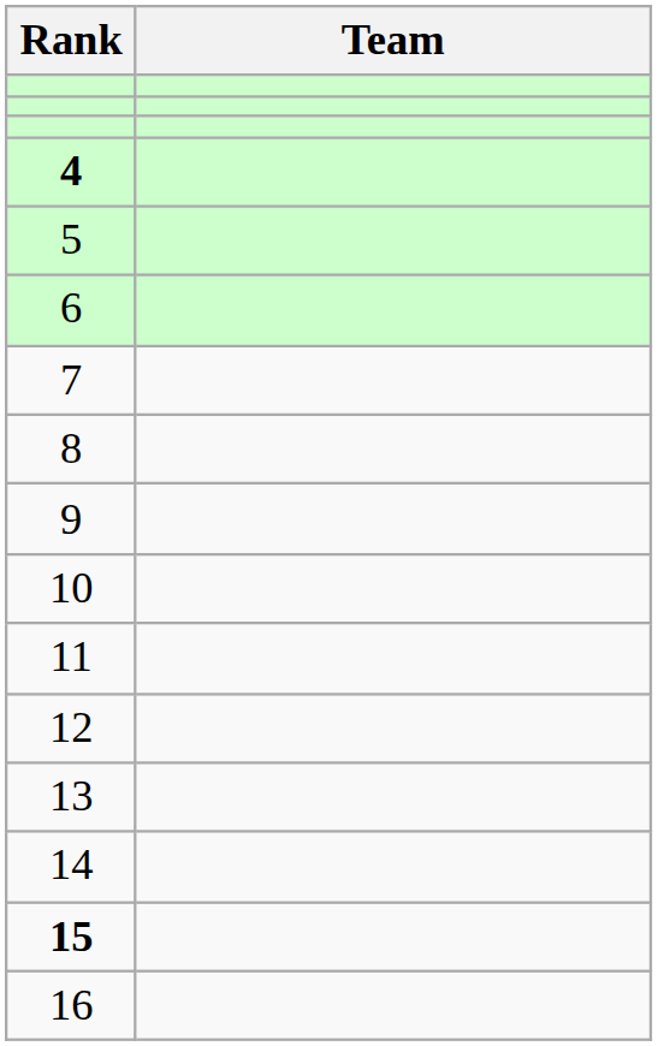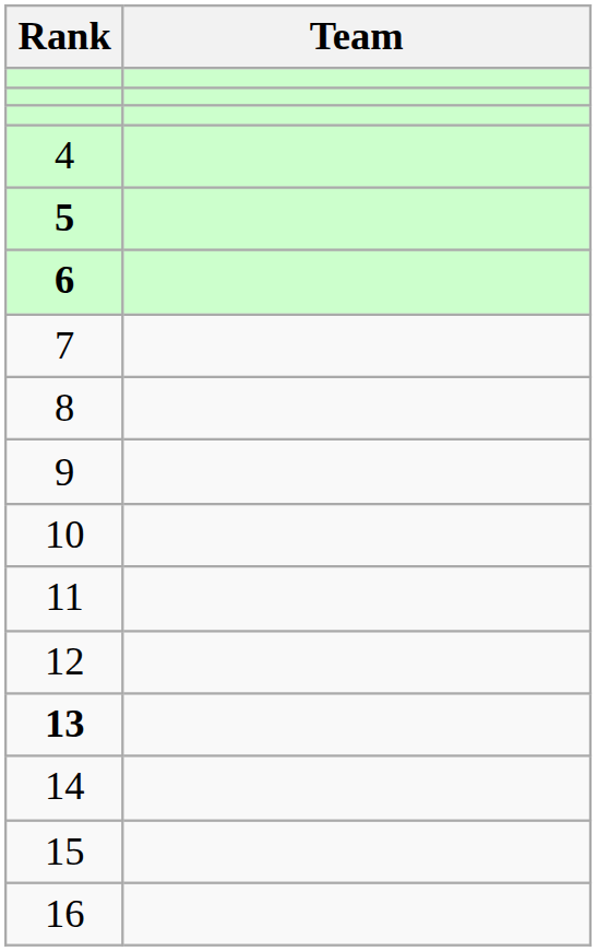 <table class="wikitable" style="text-align:center;">
 <tr>
 <th width=40>Rank</th>
 <th width=180>Team</th>
 </tr>
 <tr bgcolor=#ccffcc>
 <td></td>
 <td style="text-align:left;"></td>
 </tr>
 <tr bgcolor=#ccffcc>
 <td></td>
 <td style="text-align:left;"></td>
 </tr>
 <tr bgcolor=#ccffcc>
 <td></td>
 <td style="text-align:left;"></td>
 </tr>
 <tr bgcolor=#ccffcc>
-<td><strong>4</strong></td>
+<td>4</td>
 <td style="text-align:left;"></td>
 </tr>
 <tr bgcolor=#ccffcc>
-<td>5</td>
+<td><strong>5</strong></td>
 <td style="text-align:left;"></td>
 </tr>
 <tr bgcolor=#ccffcc>
-<td>6</td>
+<td><strong>6</strong></td>
 <td style="text-align:left;"></td>
 </tr>
 <tr>
 <td>7</td>
 <td style="text-align:left;"></td>
 </tr>
 <tr>
 <td>8</td>
 <td style="text-align:left;"></td>
 </tr>
 <tr>
 <td>9</td>
 <td style="text-align:left;"></td>
 </tr>
 <tr>
 <td>10</td>
 <td style="text-align:left;"></td>
 </tr>
 <tr>
 <td>11</td>
 <td style="text-align:left;"></td>
 </tr>
 <tr>
 <td>12</td>
 <td style="text-align:left;"></td>
 </tr>
 <tr>
-<td>13</td>
+<td><strong>13</strong></td>
 <td style="text-align:left;"></td>
 </tr>
 <tr>
 <td>14</td>
 <td style="text-align:left;"></td>
 </tr>
 <tr>
-<td><strong>15</strong></td>
+<td>15</td>
 <td style="text-align:left;"></td>
 </tr>
 <tr>
 <td>16</td>
 <td style="text-align:left;"></td>
 </tr>
 </table>
